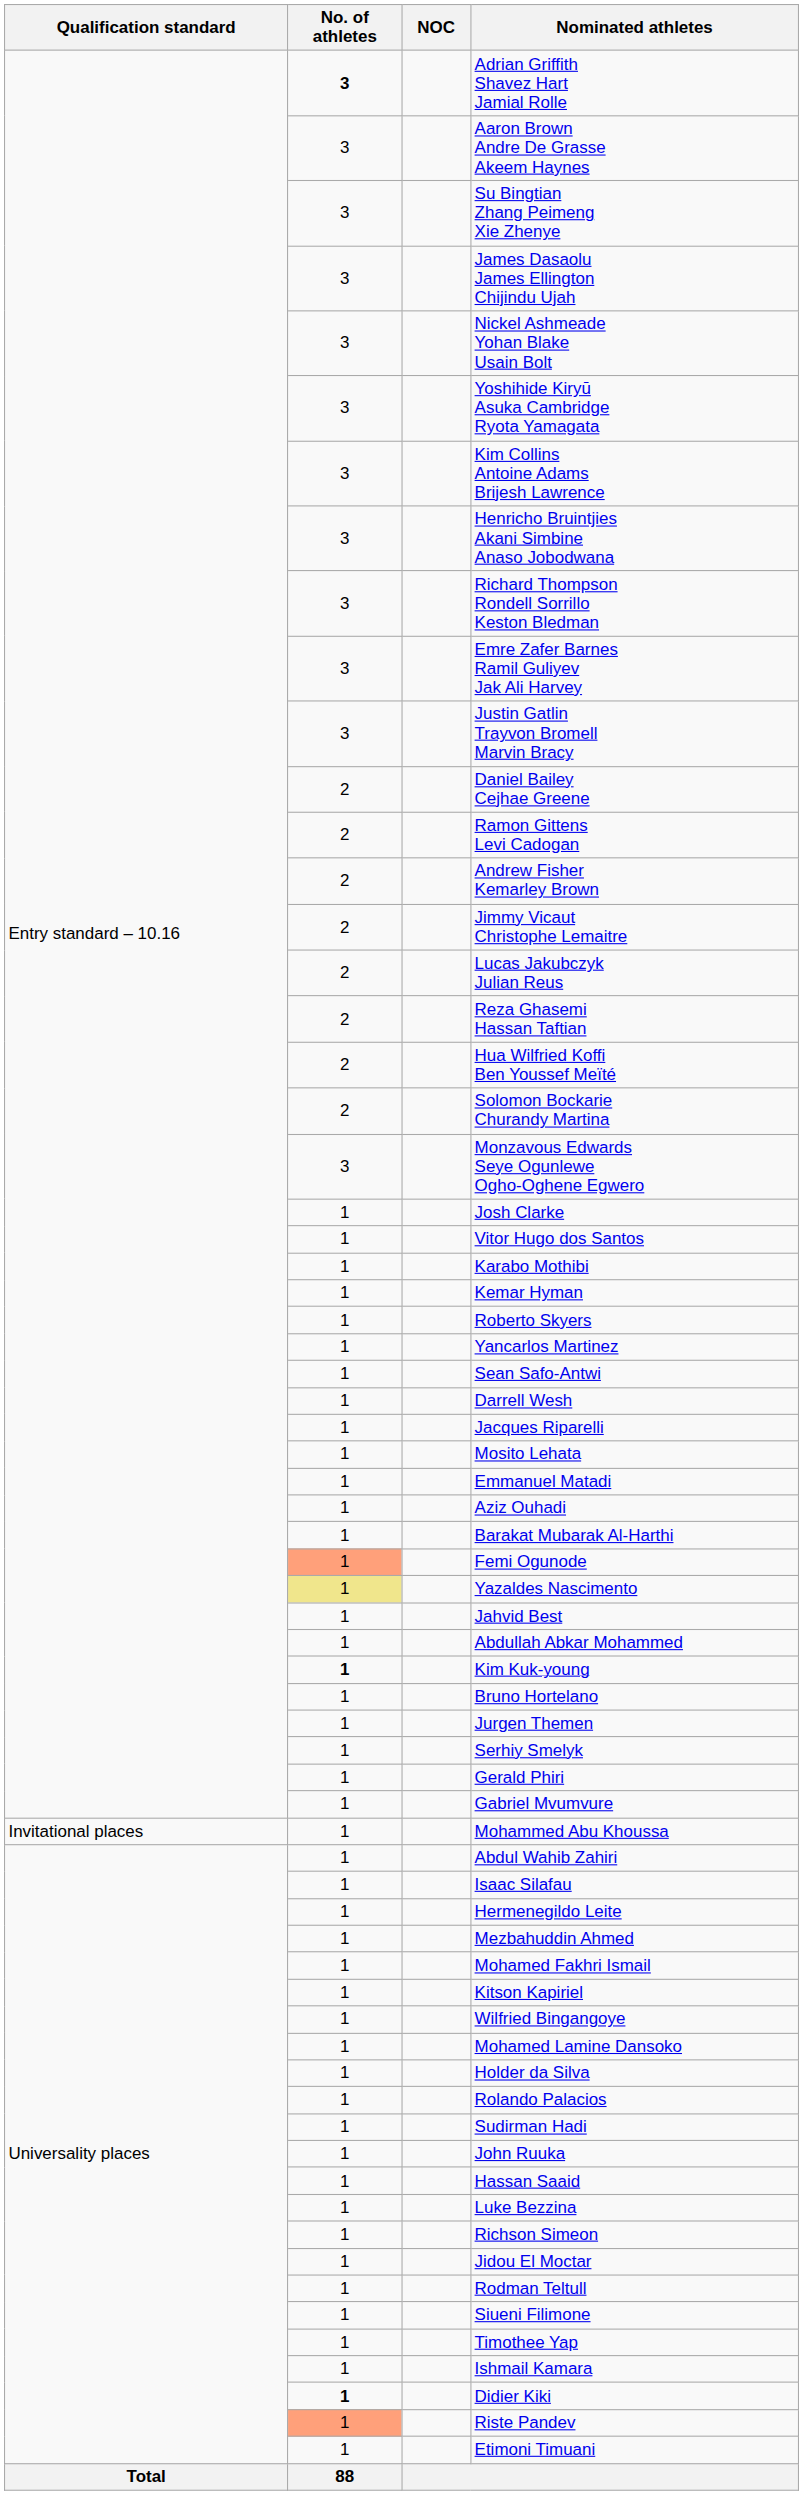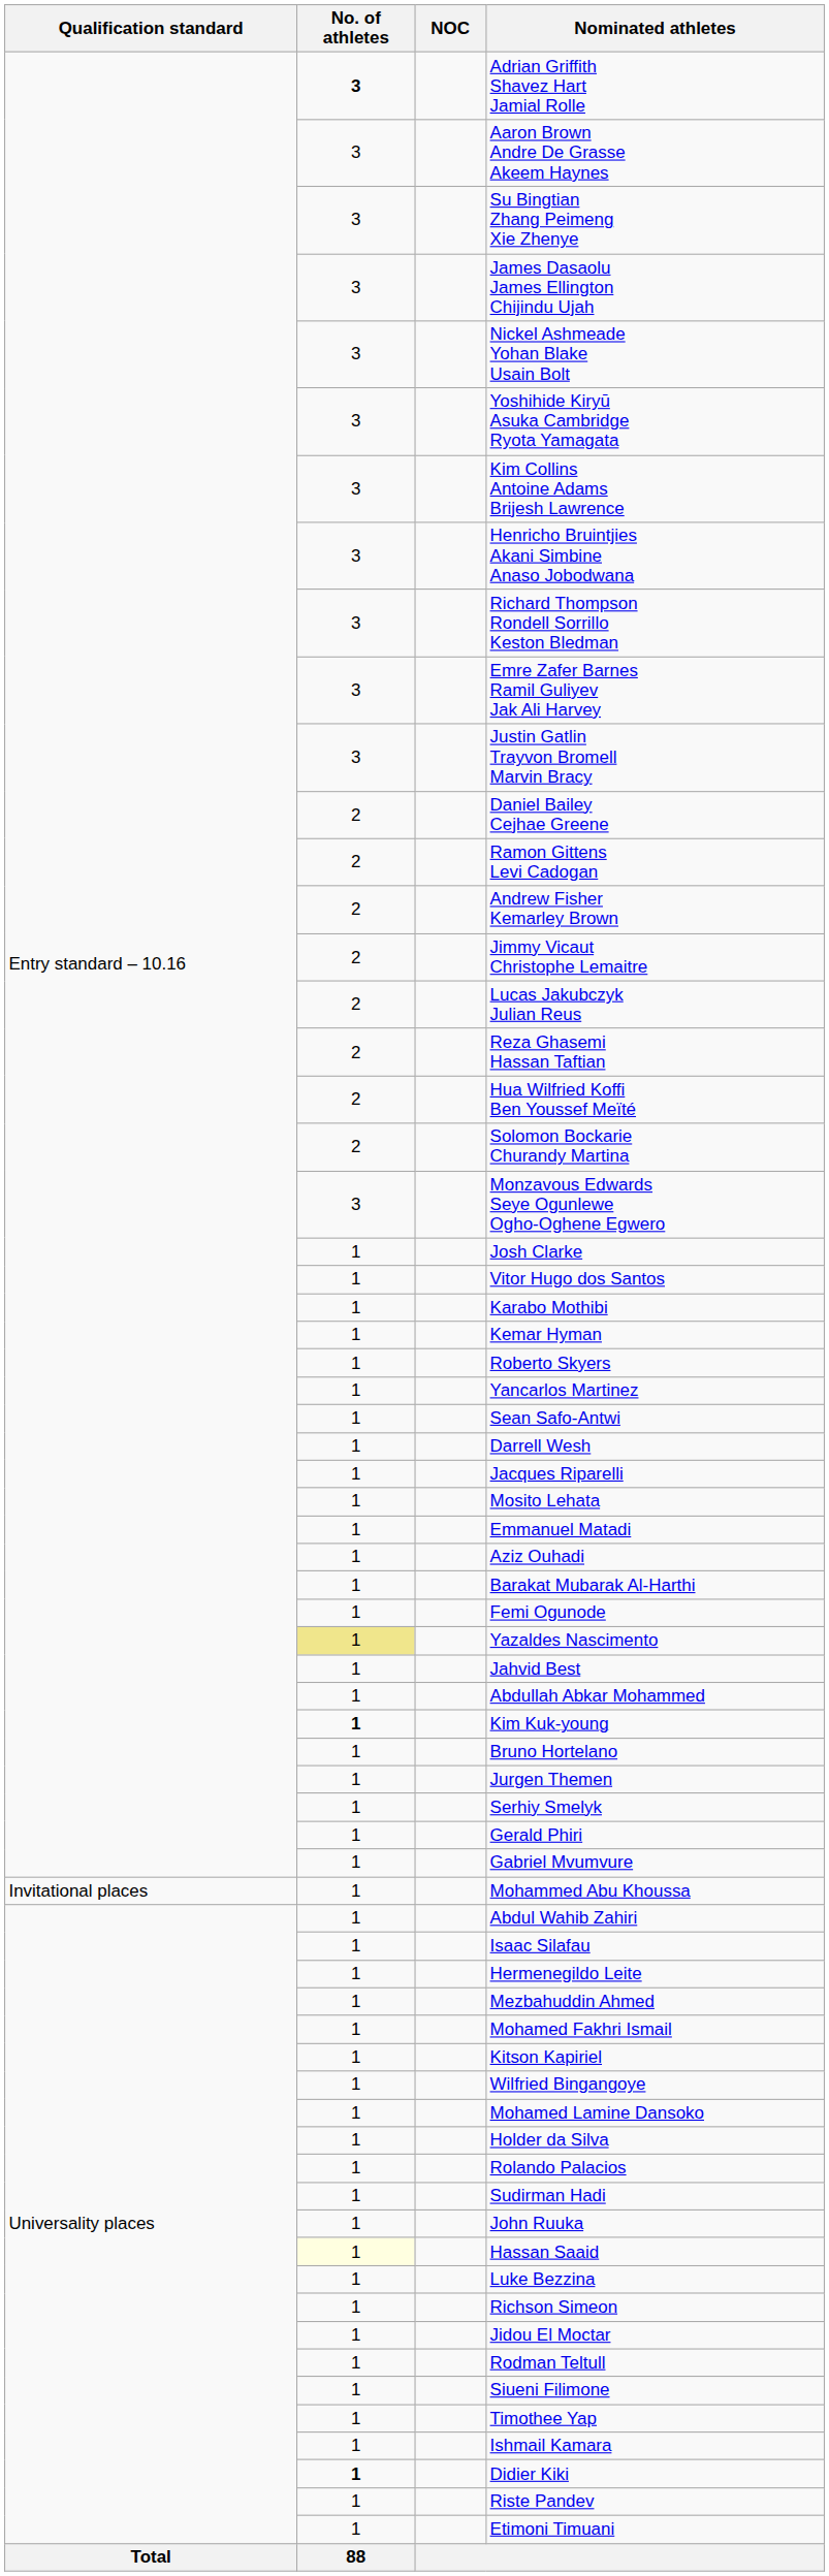 <table class="wikitable"  style="text-align:left; width:750px;">
 <tr>
 <th>Qualification standard</th>
 <th width=100>No. of athletes</th>
 <th>NOC</th>
 <th>Nominated athletes</th>
 </tr>
 <tr>
 <td rowspan=43>Entry standard – 10.16</td>
 <td style="text-align:center;"><strong>3</strong></td>
 <td></td>
 <td><a href='#'>Adrian Griffith</a><br><a href='#'>Shavez Hart</a><br><a href='#'>Jamial Rolle</a></td>
 </tr>
 <tr>
 <td style="text-align:center;">3</td>
 <td></td>
 <td><a href='#'>Aaron Brown</a><br><a href='#'>Andre De Grasse</a><br><a href='#'>Akeem Haynes</a></td>
 </tr>
 <tr>
 <td style="text-align:center;">3</td>
 <td></td>
 <td><a href='#'>Su Bingtian</a><br><a href='#'>Zhang Peimeng</a><br><a href='#'>Xie Zhenye</a></td>
 </tr>
 <tr>
 <td style="text-align:center;">3</td>
 <td></td>
 <td><a href='#'>James Dasaolu</a><br><a href='#'>James Ellington</a><br><a href='#'>Chijindu Ujah</a></td>
 </tr>
 <tr>
 <td style="text-align:center;">3</td>
 <td></td>
 <td><a href='#'>Nickel Ashmeade</a><br><a href='#'>Yohan Blake</a><br><a href='#'>Usain Bolt</a></td>
 </tr>
 <tr>
 <td style="text-align:center;">3</td>
 <td></td>
 <td><a href='#'>Yoshihide Kiryū</a><br><a href='#'>Asuka Cambridge</a><br><a href='#'>Ryota Yamagata</a></td>
 </tr>
 <tr>
 <td style="text-align:center;">3</td>
 <td></td>
 <td><a href='#'>Kim Collins</a><br><a href='#'>Antoine Adams</a><br><a href='#'>Brijesh Lawrence</a></td>
 </tr>
 <tr>
 <td style="text-align:center;">3</td>
 <td></td>
 <td><a href='#'>Henricho Bruintjies</a><br><a href='#'>Akani Simbine</a><br><a href='#'>Anaso Jobodwana</a></td>
 </tr>
 <tr>
 <td style="text-align:center;">3</td>
 <td></td>
 <td><a href='#'>Richard Thompson</a><br><a href='#'>Rondell Sorrillo</a><br><a href='#'>Keston Bledman</a></td>
 </tr>
 <tr>
 <td style="text-align:center;">3</td>
 <td></td>
 <td><a href='#'>Emre Zafer Barnes</a><br><a href='#'>Ramil Guliyev</a><br><a href='#'>Jak Ali Harvey</a></td>
 </tr>
 <tr>
 <td style="text-align:center;">3</td>
 <td></td>
 <td><a href='#'>Justin Gatlin</a><br><a href='#'>Trayvon Bromell</a><br><a href='#'>Marvin Bracy</a></td>
 </tr>
 <tr>
 <td style="text-align:center;">2</td>
 <td></td>
 <td><a href='#'>Daniel Bailey</a><br><a href='#'>Cejhae Greene</a></td>
 </tr>
 <tr>
 <td style="text-align:center;">2</td>
 <td></td>
 <td><a href='#'>Ramon Gittens</a><br><a href='#'>Levi Cadogan</a></td>
 </tr>
 <tr>
 <td style="text-align:center;">2</td>
 <td></td>
 <td><a href='#'>Andrew Fisher</a><br> <a href='#'>Kemarley Brown</a></td>
 </tr>
 <tr>
 <td style="text-align:center;">2</td>
 <td></td>
 <td><a href='#'>Jimmy Vicaut</a><br><a href='#'>Christophe Lemaitre</a></td>
 </tr>
 <tr>
 <td style="text-align:center;">2</td>
 <td></td>
 <td><a href='#'>Lucas Jakubczyk</a><br><a href='#'>Julian Reus</a></td>
 </tr>
 <tr>
 <td style="text-align:center;">2</td>
 <td></td>
 <td><a href='#'>Reza Ghasemi</a><br><a href='#'>Hassan Taftian</a></td>
 </tr>
 <tr>
 <td style="text-align:center;">2</td>
 <td></td>
 <td><a href='#'>Hua Wilfried Koffi</a><br><a href='#'>Ben Youssef Meïté</a></td>
 </tr>
 <tr>
 <td style="text-align:center;">2</td>
 <td></td>
 <td><a href='#'>Solomon Bockarie</a><br><a href='#'>Churandy Martina</a></td>
 </tr>
 <tr>
 <td style="text-align:center;">3</td>
 <td></td>
 <td><a href='#'>Monzavous Edwards</a><br><a href='#'>Seye Ogunlewe</a><br><a href='#'>Ogho-Oghene Egwero</a></td>
 </tr>
 <tr>
 <td style="text-align:center;">1</td>
 <td></td>
 <td><a href='#'>Josh Clarke</a></td>
 </tr>
 <tr>
 <td style="text-align:center;">1</td>
 <td></td>
 <td><a href='#'>Vitor Hugo dos Santos</a></td>
 </tr>
 <tr>
 <td style="text-align:center;">1</td>
 <td></td>
 <td><a href='#'>Karabo Mothibi</a></td>
 </tr>
 <tr>
 <td style="text-align:center;">1</td>
 <td></td>
 <td><a href='#'>Kemar Hyman</a></td>
 </tr>
 <tr>
 <td style="text-align:center;">1</td>
 <td></td>
 <td><a href='#'>Roberto Skyers</a></td>
 </tr>
 <tr>
 <td style="text-align:center;">1</td>
 <td></td>
 <td><a href='#'>Yancarlos Martinez</a></td>
 </tr>
 <tr>
 <td style="text-align:center;">1</td>
 <td></td>
 <td><a href='#'>Sean Safo-Antwi</a></td>
 </tr>
 <tr>
 <td style="text-align:center;">1</td>
 <td></td>
 <td><a href='#'>Darrell Wesh</a></td>
 </tr>
 <tr>
 <td style="text-align:center;">1</td>
 <td></td>
 <td><a href='#'>Jacques Riparelli</a></td>
 </tr>
 <tr>
 <td style="text-align:center;">1</td>
 <td></td>
 <td><a href='#'>Mosito Lehata</a></td>
 </tr>
 <tr>
 <td style="text-align:center;">1</td>
 <td></td>
 <td><a href='#'>Emmanuel Matadi</a></td>
 </tr>
 <tr>
 <td style="text-align:center;">1</td>
 <td></td>
 <td><a href='#'>Aziz Ouhadi</a></td>
 </tr>
 <tr>
 <td style="text-align:center;">1</td>
 <td></td>
 <td><a href='#'>Barakat Mubarak Al-Harthi</a></td>
 </tr>
 <tr>
-<td style="background: lightsalmon; text-align:center;">1</td>
+<td style="text-align:center;">1</td>
 <td></td>
 <td><a href='#'>Femi Ogunode</a></td>
 </tr>
 <tr>
 <td style="background: khaki; text-align:center;">1</td>
 <td></td>
 <td><a href='#'>Yazaldes Nascimento</a></td>
 </tr>
 <tr>
 <td style="text-align:center;">1</td>
 <td></td>
 <td><a href='#'>Jahvid Best</a></td>
 </tr>
 <tr>
 <td style="text-align:center;">1</td>
 <td></td>
 <td><a href='#'>Abdullah Abkar Mohammed</a></td>
 </tr>
 <tr>
 <td style="text-align:center;"><strong>1</strong></td>
 <td></td>
 <td><a href='#'>Kim Kuk-young</a></td>
 </tr>
 <tr>
 <td style="text-align:center;">1</td>
 <td></td>
 <td><a href='#'>Bruno Hortelano</a></td>
 </tr>
 <tr>
 <td style="text-align:center;">1</td>
 <td></td>
 <td><a href='#'>Jurgen Themen</a></td>
 </tr>
 <tr>
 <td style="text-align:center;">1</td>
 <td></td>
 <td><a href='#'>Serhiy Smelyk</a></td>
 </tr>
 <tr>
 <td style="text-align:center;">1</td>
 <td></td>
 <td><a href='#'>Gerald Phiri</a></td>
 </tr>
 <tr>
 <td style="text-align:center;">1</td>
 <td></td>
 <td><a href='#'>Gabriel Mvumvure</a></td>
 </tr>
 <tr>
 <td>Invitational places</td>
 <td style="text-align:center;">1</td>
 <td></td>
 <td><a href='#'>Mohammed Abu Khoussa</a></td>
 </tr>
 <tr>
 <td rowspan=23>Universality places</td>
 <td style="text-align:center;">1</td>
 <td></td>
 <td><a href='#'>Abdul Wahib Zahiri</a></td>
 </tr>
 <tr>
 <td style="text-align:center;">1</td>
 <td></td>
 <td><a href='#'>Isaac Silafau</a></td>
 </tr>
 <tr>
 <td style="text-align:center;">1</td>
 <td></td>
 <td><a href='#'>Hermenegildo Leite</a></td>
 </tr>
 <tr>
 <td style="text-align:center;">1</td>
 <td></td>
 <td><a href='#'>Mezbahuddin Ahmed</a></td>
 </tr>
 <tr>
 <td style="text-align:center;">1</td>
 <td></td>
 <td><a href='#'>Mohamed Fakhri Ismail</a></td>
 </tr>
 <tr>
 <td style="text-align:center;">1</td>
 <td></td>
 <td><a href='#'>Kitson Kapiriel</a></td>
 </tr>
 <tr>
 <td style="text-align:center;">1</td>
 <td></td>
 <td><a href='#'>Wilfried Bingangoye</a></td>
 </tr>
 <tr>
 <td style="text-align:center;">1</td>
 <td></td>
 <td><a href='#'>Mohamed Lamine Dansoko</a></td>
 </tr>
 <tr>
 <td style="text-align:center;">1</td>
 <td></td>
 <td><a href='#'>Holder da Silva</a></td>
 </tr>
 <tr>
 <td style="text-align:center;">1</td>
 <td></td>
 <td><a href='#'>Rolando Palacios</a></td>
 </tr>
 <tr>
 <td style="text-align:center;">1</td>
 <td></td>
 <td><a href='#'>Sudirman Hadi</a></td>
 </tr>
 <tr>
 <td style="text-align:center;">1</td>
 <td></td>
 <td><a href='#'>John Ruuka</a></td>
 </tr>
 <tr>
-<td style="text-align:center;">1</td>
+<td style="background: lightyellow; text-align:center;">1</td>
 <td></td>
 <td><a href='#'>Hassan Saaid</a></td>
 </tr>
 <tr>
 <td style="text-align:center;">1</td>
 <td></td>
 <td><a href='#'>Luke Bezzina</a></td>
 </tr>
 <tr>
 <td style="text-align:center;">1</td>
 <td></td>
 <td><a href='#'>Richson Simeon</a></td>
 </tr>
 <tr>
 <td style="text-align:center;">1</td>
 <td></td>
 <td><a href='#'>Jidou El Moctar</a></td>
 </tr>
 <tr>
 <td style="text-align:center;">1</td>
 <td></td>
 <td><a href='#'>Rodman Teltull</a></td>
 </tr>
 <tr>
 <td style="text-align:center;">1</td>
 <td></td>
 <td><a href='#'>Siueni Filimone</a></td>
 </tr>
 <tr>
 <td style="text-align:center;">1</td>
 <td></td>
 <td><a href='#'>Timothee Yap</a></td>
 </tr>
 <tr>
 <td style="text-align:center;">1</td>
 <td></td>
 <td><a href='#'>Ishmail Kamara</a></td>
 </tr>
 <tr>
 <td style="text-align:center;"><strong>1</strong></td>
 <td></td>
 <td><a href='#'>Didier Kiki</a></td>
 </tr>
 <tr>
-<td style="background: lightsalmon; text-align:center;">1</td>
+<td style="text-align:center;">1</td>
 <td></td>
 <td><a href='#'>Riste Pandev</a></td>
 </tr>
 <tr>
 <td style="text-align:center;">1</td>
 <td></td>
 <td><a href='#'>Etimoni Timuani</a></td>
 </tr>
 <tr>
 <th>Total</th>
 <th>88</th>
 <th colspan=2></th>
 </tr>
 </table>
